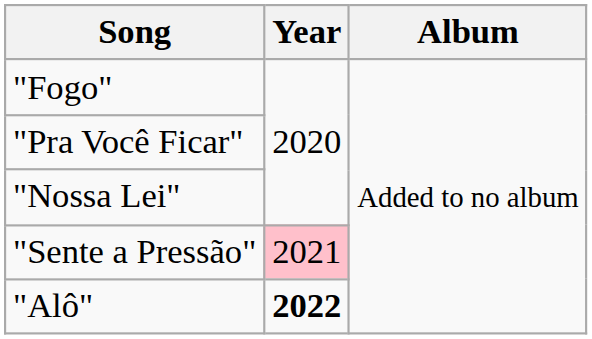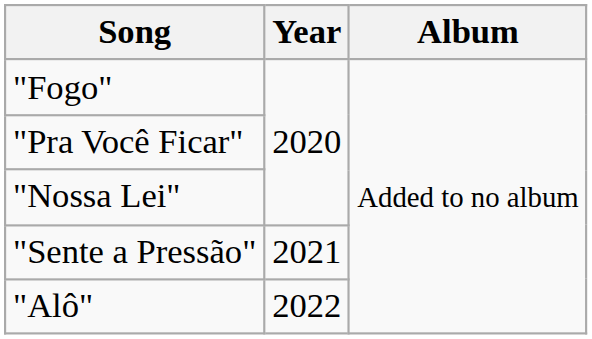 <table class="wikitable">
 <tr>
 <th>Song</th>
 <th>Year</th>
 <th>Album</th>
 </tr>
 <tr>
 <td>"Fogo"</td>
 <td rowspan="3">2020</td>
 <td rowspan="5"><small>Added to no album</small></td>
 </tr>
 <tr>
 <td>"Pra Você Ficar"</td>
 </tr>
 <tr>
 <td>"Nossa Lei"</td>
 </tr>
 <tr>
 <td>"Sente a Pressão"</td>
-<td rowspan="1" style="background: pink;">2021</td>
+<td rowspan="1">2021</td>
 </tr>
 <tr>
 <td>"Alô"</td>
-<td rowspan="1"><strong>2022</strong></td>
+<td rowspan="1">2022</td>
 </tr>
 </table>
